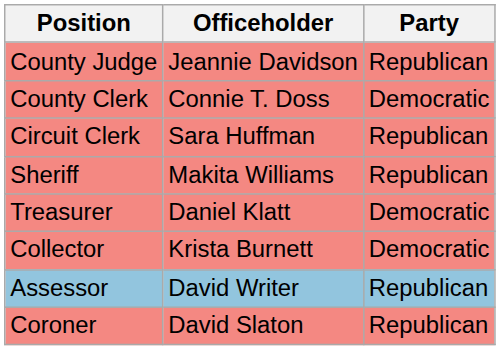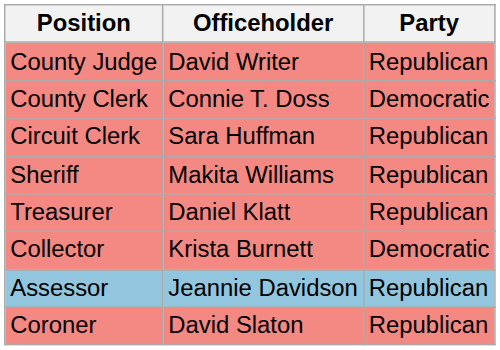 <table class="wikitable mw-collapsible">
 <tr>
 <th>Position</th>
 <th>Officeholder</th>
 <th>Party</th>
 </tr>
 <tr style="background-color:#F48882;">
 <td>County Judge</td>
-<td>Jeannie Davidson</td>
+<td>David Writer</td>
 <td>Republican</td>
 </tr>
 <tr style="background-color:#F48882;">
 <td>County Clerk</td>
 <td>Connie T. Doss</td>
 <td>Democratic</td>
 </tr>
 <tr style="background-color:#F48882;">
 <td>Circuit Clerk</td>
 <td>Sara Huffman</td>
 <td>Republican</td>
 </tr>
 <tr style="background-color:#F48882;">
 <td>Sheriff</td>
 <td>Makita Williams</td>
 <td>Republican</td>
 </tr>
 <tr style="background-color:#F48882;">
 <td>Treasurer</td>
 <td>Daniel Klatt</td>
-<td>Democratic</td>
+<td>Republican</td>
 </tr>
 <tr style="background-color:#F48882;">
 <td>Collector</td>
 <td>Krista Burnett</td>
 <td>Democratic</td>
 </tr>
 <tr style="background-color:#92C5DE;">
 <td>Assessor</td>
-<td>David Writer</td>
+<td>Jeannie Davidson</td>
 <td>Republican</td>
 </tr>
 <tr style="background-color:#F48882;">
 <td>Coroner</td>
 <td>David Slaton</td>
 <td>Republican</td>
 </tr>
 </table>
